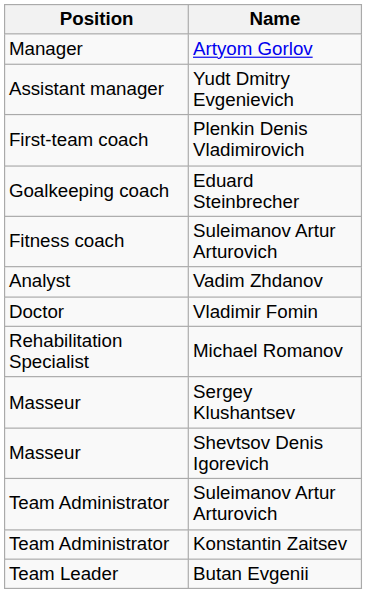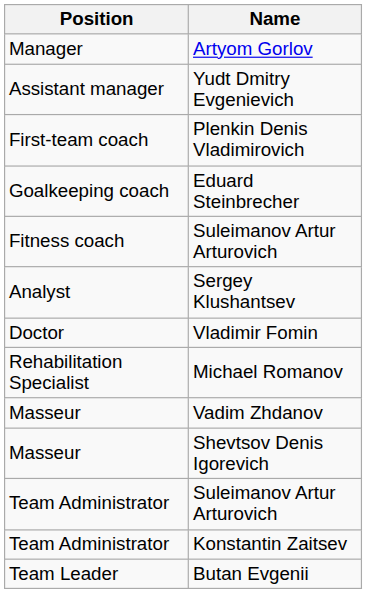 <table class="wikitable" style="text-align:left;">
 <tr>
 <th style="width:150px;">Position</th>
 <th style="width:140px;">Name</th>
 </tr>
 <tr>
 <td>Manager</td>
 <td><a href='#'>Artyom Gorlov</a></td>
 </tr>
 <tr>
 <td>Assistant manager</td>
 <td>Yudt Dmitry Evgenievich</td>
 </tr>
 <tr>
 <td>First-team coach</td>
 <td>Plenkin Denis Vladimirovich</td>
 </tr>
 <tr>
 <td>Goalkeeping coach</td>
 <td>Eduard Steinbrecher</td>
 </tr>
 <tr>
 <td>Fitness coach</td>
 <td>Suleimanov Artur Arturovich</td>
 </tr>
 <tr>
 <td>Analyst</td>
-<td>Vadim Zhdanov</td>
+<td>Sergey Klushantsev</td>
 </tr>
 <tr>
 <td>Doctor</td>
 <td>Vladimir Fomin</td>
 </tr>
 <tr>
 <td>Rehabilitation Specialist</td>
 <td>Michael Romanov</td>
 </tr>
 <tr>
 <td>Masseur</td>
-<td>Sergey Klushantsev</td>
+<td>Vadim Zhdanov</td>
 </tr>
 <tr>
 <td>Masseur</td>
 <td>Shevtsov Denis Igorevich</td>
 </tr>
 <tr>
 <td>Team Administrator</td>
 <td>Suleimanov Artur Arturovich</td>
 </tr>
 <tr>
 <td>Team Administrator</td>
 <td>Konstantin Zaitsev</td>
 </tr>
 <tr>
 <td>Team Leader</td>
 <td>Butan Evgenii</td>
 </tr>
 </table>
